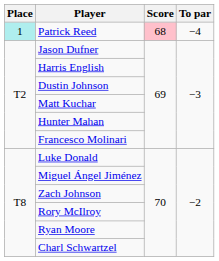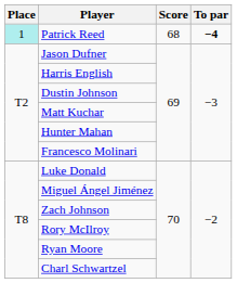 <table class="wikitable">
 <tr>
 <th>Place</th>
 <th>Player</th>
 <th>Score</th>
 <th>To par</th>
 </tr>
 <tr>
 <td align=center style="background: paleturquoise;">1</td>
 <td> <a href='#'>Patrick Reed</a></td>
-<td align=center style="background: pink;">68</td>
-<td align=center>−4</td>
+<td align=center>68</td>
+<td align=center><strong>−4</strong></td>
 </tr>
 <tr>
 <td rowspan=6 align=center>T2</td>
 <td> <a href='#'>Jason Dufner</a></td>
 <td rowspan=6 align=center>69</td>
 <td rowspan=6 align=center>−3</td>
 </tr>
 <tr>
 <td> <a href='#'>Harris English</a></td>
 </tr>
 <tr>
 <td> <a href='#'>Dustin Johnson</a></td>
 </tr>
 <tr>
 <td> <a href='#'>Matt Kuchar</a></td>
 </tr>
 <tr>
 <td> <a href='#'>Hunter Mahan</a></td>
 </tr>
 <tr>
 <td> <a href='#'>Francesco Molinari</a></td>
 </tr>
 <tr>
 <td rowspan=6 align=center>T8</td>
 <td> <a href='#'>Luke Donald</a></td>
 <td rowspan=6 align=center>70</td>
 <td rowspan=6 align=center>−2</td>
 </tr>
 <tr>
 <td> <a href='#'>Miguel Ángel Jiménez</a></td>
 </tr>
 <tr>
 <td> <a href='#'>Zach Johnson</a></td>
 </tr>
 <tr>
 <td> <a href='#'>Rory McIlroy</a></td>
 </tr>
 <tr>
 <td> <a href='#'>Ryan Moore</a></td>
 </tr>
 <tr>
 <td> <a href='#'>Charl Schwartzel</a></td>
 </tr>
 </table>
